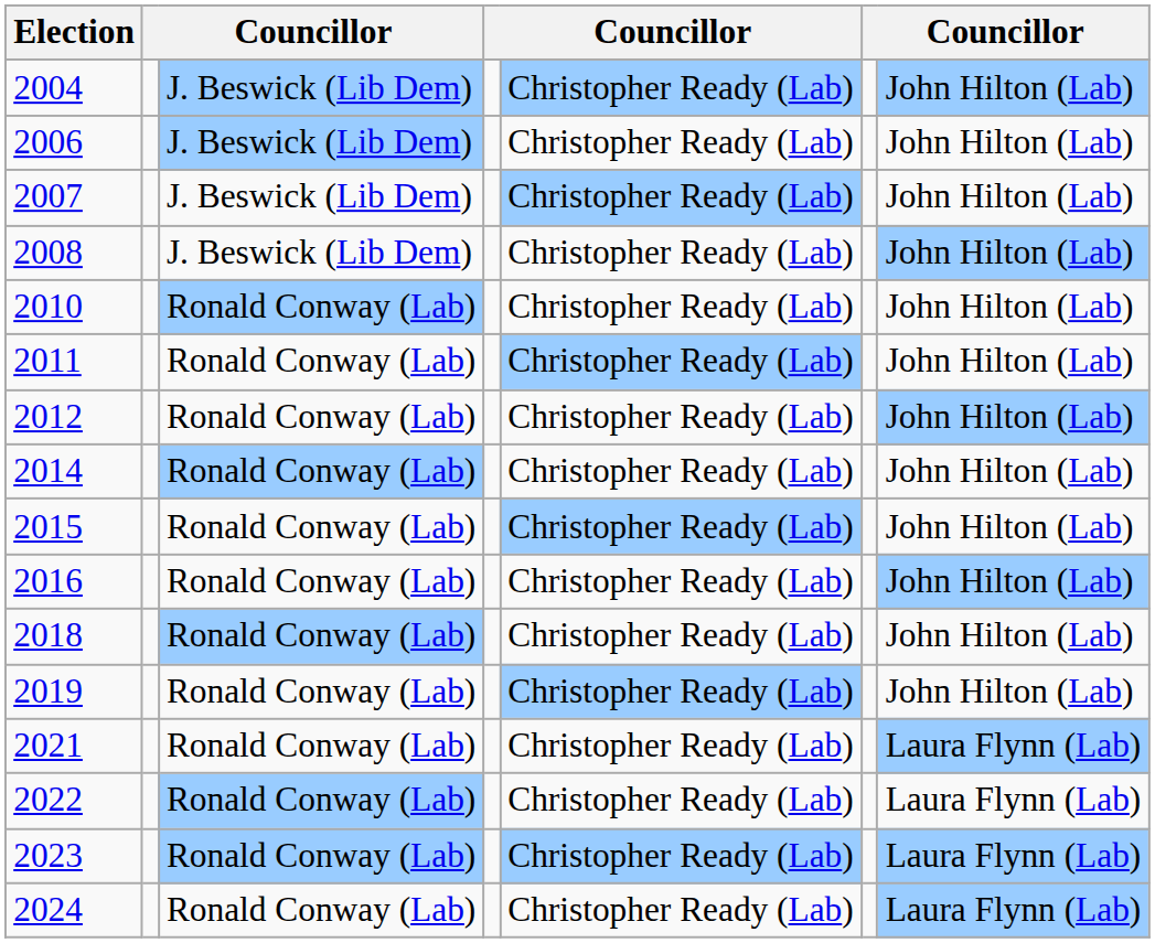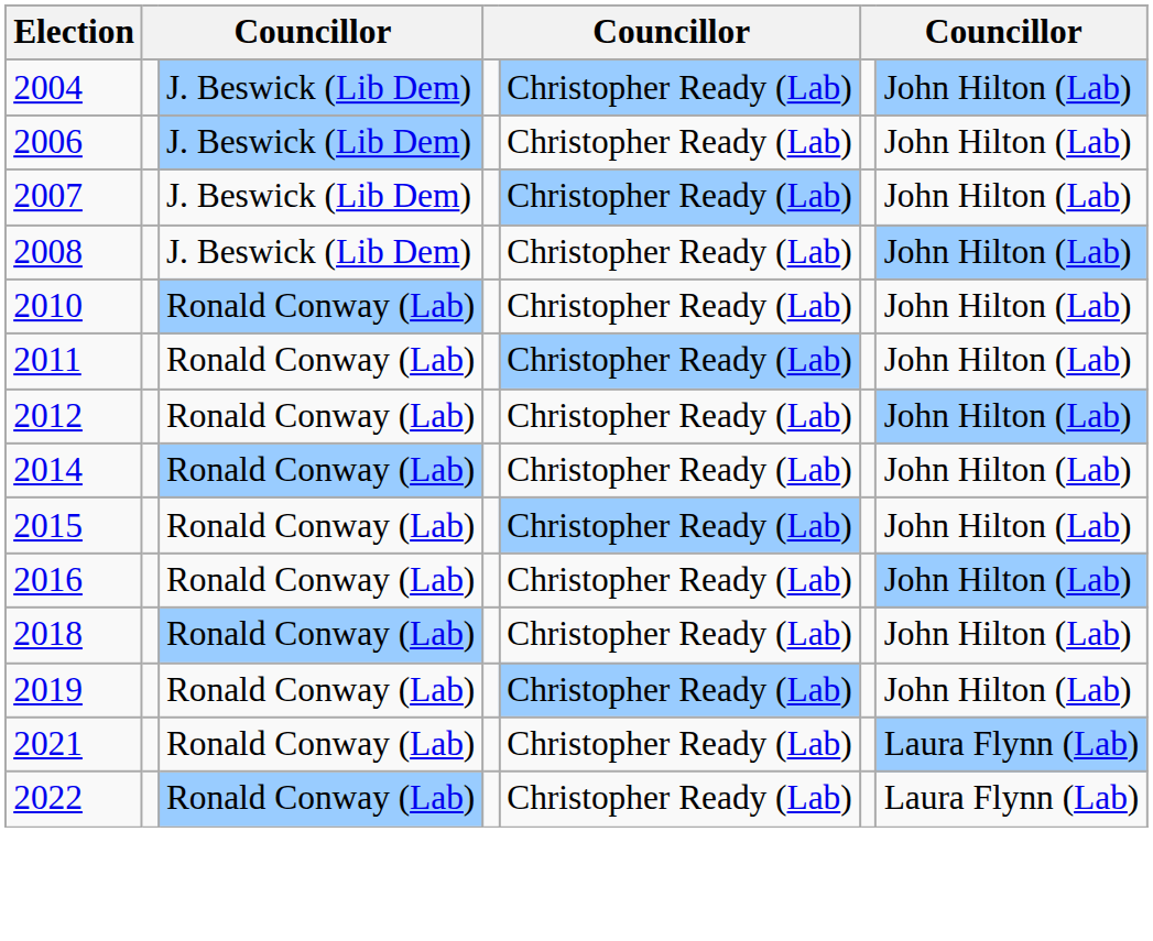 <table class="wikitable">
 <tr>
 <th>Election</th>
 <th colspan="2">Councillor</th>
 <th colspan="2">Councillor</th>
 <th colspan="2">Councillor</th>
 </tr>
 <tr>
 <td><a href='#'>2004</a></td>
 <td style="background-color: "></td>
 <td bgcolor="#99CCFF">J. Beswick (<a href='#'>Lib Dem</a>)</td>
 <td style="background-color: "></td>
 <td bgcolor="#99CCFF">Christopher Ready (<a href='#'>Lab</a>)</td>
 <td style="background-color: "></td>
 <td bgcolor="#99CCFF">John Hilton (<a href='#'>Lab</a>)</td>
 </tr>
 <tr>
 <td><a href='#'>2006</a></td>
 <td style="background-color: "></td>
 <td bgcolor="#99CCFF">J. Beswick (<a href='#'>Lib Dem</a>)</td>
 <td style="background-color: "></td>
 <td>Christopher Ready (<a href='#'>Lab</a>)</td>
 <td style="background-color: "></td>
 <td>John Hilton (<a href='#'>Lab</a>)</td>
 </tr>
 <tr>
 <td><a href='#'>2007</a></td>
 <td style="background-color: "></td>
 <td>J. Beswick (<a href='#'>Lib Dem</a>)</td>
 <td style="background-color: "></td>
 <td bgcolor="#99CCFF">Christopher Ready (<a href='#'>Lab</a>)</td>
 <td style="background-color: "></td>
 <td>John Hilton (<a href='#'>Lab</a>)</td>
 </tr>
 <tr>
 <td><a href='#'>2008</a></td>
 <td style="background-color: "></td>
 <td>J. Beswick (<a href='#'>Lib Dem</a>)</td>
 <td style="background-color: "></td>
 <td>Christopher Ready (<a href='#'>Lab</a>)</td>
 <td style="background-color: "></td>
 <td bgcolor="#99CCFF">John Hilton (<a href='#'>Lab</a>)</td>
 </tr>
 <tr>
 <td><a href='#'>2010</a></td>
 <td style="background-color: "></td>
 <td bgcolor="#99CCFF">Ronald Conway (<a href='#'>Lab</a>)</td>
 <td style="background-color: "></td>
 <td>Christopher Ready (<a href='#'>Lab</a>)</td>
 <td style="background-color: "></td>
 <td>John Hilton (<a href='#'>Lab</a>)</td>
 </tr>
 <tr>
 <td><a href='#'>2011</a></td>
 <td style="background-color: "></td>
 <td>Ronald Conway (<a href='#'>Lab</a>)</td>
 <td style="background-color: "></td>
 <td bgcolor="#99CCFF">Christopher Ready (<a href='#'>Lab</a>)</td>
 <td style="background-color: "></td>
 <td>John Hilton (<a href='#'>Lab</a>)</td>
 </tr>
 <tr>
 <td><a href='#'>2012</a></td>
 <td style="background-color: "></td>
 <td>Ronald Conway (<a href='#'>Lab</a>)</td>
 <td style="background-color: "></td>
 <td>Christopher Ready (<a href='#'>Lab</a>)</td>
 <td style="background-color: "></td>
 <td bgcolor="#99CCFF">John Hilton (<a href='#'>Lab</a>)</td>
 </tr>
 <tr>
 <td><a href='#'>2014</a></td>
 <td style="background-color: "></td>
 <td bgcolor="#99CCFF">Ronald Conway (<a href='#'>Lab</a>)</td>
 <td style="background-color: "></td>
 <td>Christopher Ready (<a href='#'>Lab</a>)</td>
 <td style="background-color: "></td>
 <td>John Hilton (<a href='#'>Lab</a>)</td>
 </tr>
 <tr>
 <td><a href='#'>2015</a></td>
 <td style="background-color: "></td>
 <td>Ronald Conway (<a href='#'>Lab</a>)</td>
 <td style="background-color: "></td>
 <td bgcolor="#99CCFF">Christopher Ready (<a href='#'>Lab</a>)</td>
 <td style="background-color: "></td>
 <td>John Hilton (<a href='#'>Lab</a>)</td>
 </tr>
 <tr>
 <td><a href='#'>2016</a></td>
 <td style="background-color: "></td>
 <td>Ronald Conway (<a href='#'>Lab</a>)</td>
 <td style="background-color: "></td>
 <td>Christopher Ready (<a href='#'>Lab</a>)</td>
 <td style="background-color: "></td>
 <td bgcolor="#99CCFF">John Hilton (<a href='#'>Lab</a>)</td>
 </tr>
 <tr>
 <td><a href='#'>2018</a></td>
 <td style="background-color: "></td>
 <td bgcolor="#99CCFF">Ronald Conway (<a href='#'>Lab</a>)</td>
 <td style="background-color: "></td>
 <td>Christopher Ready (<a href='#'>Lab</a>)</td>
 <td style="background-color: "></td>
 <td>John Hilton (<a href='#'>Lab</a>)</td>
 </tr>
 <tr>
 <td><a href='#'>2019</a></td>
 <td style="background-color: "></td>
 <td>Ronald Conway (<a href='#'>Lab</a>)</td>
 <td style="background-color: "></td>
 <td bgcolor="#99CCFF">Christopher Ready (<a href='#'>Lab</a>)</td>
 <td style="background-color: "></td>
 <td>John Hilton (<a href='#'>Lab</a>)</td>
 </tr>
 <tr>
 <td><a href='#'>2021</a></td>
 <td style="background-color: "></td>
 <td>Ronald Conway (<a href='#'>Lab</a>)</td>
 <td style="background-color: "></td>
 <td>Christopher Ready (<a href='#'>Lab</a>)</td>
 <td style="background-color: "></td>
 <td bgcolor="#99CCFF">Laura Flynn (<a href='#'>Lab</a>)</td>
 </tr>
 <tr>
 <td><a href='#'>2022</a></td>
 <td style="background-color: "></td>
 <td bgcolor="#99CCFF">Ronald Conway (<a href='#'>Lab</a>)</td>
 <td style="background-color: "></td>
 <td>Christopher Ready (<a href='#'>Lab</a>)</td>
 <td style="background-color: "></td>
 <td>Laura Flynn (<a href='#'>Lab</a>)</td>
 </tr>
-<tr>
-<td><a href='#'>2023</a></td>
-<td style="background-color: "></td>
-<td bgcolor="#99CCFF">Ronald Conway (<a href='#'>Lab</a>)</td>
-<td style="background-color: "></td>
-<td bgcolor="#99CCFF">Christopher Ready (<a href='#'>Lab</a>)</td>
-<td style="background-color: "></td>
-<td bgcolor="#99CCFF">Laura Flynn (<a href='#'>Lab</a>)</td>
-</tr>
-<tr>
-<td><a href='#'>2024</a></td>
-<td style="background-color: "></td>
-<td>Ronald Conway (<a href='#'>Lab</a>)</td>
-<td style="background-color: "></td>
-<td>Christopher Ready (<a href='#'>Lab</a>)</td>
-<td style="background-color: "></td>
-<td bgcolor="#99CCFF">Laura Flynn (<a href='#'>Lab</a>)</td>
-</tr>
 </table>
